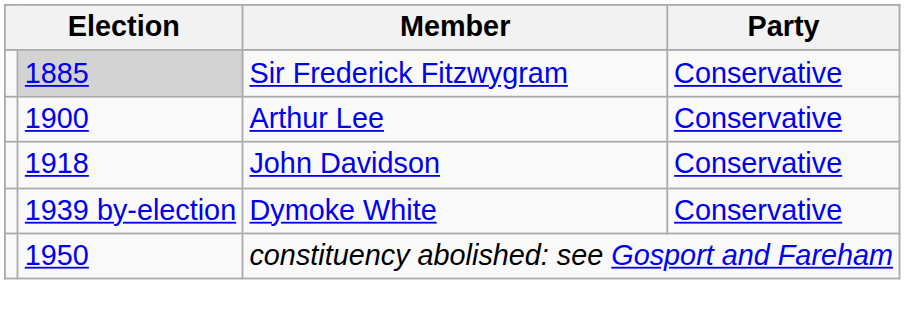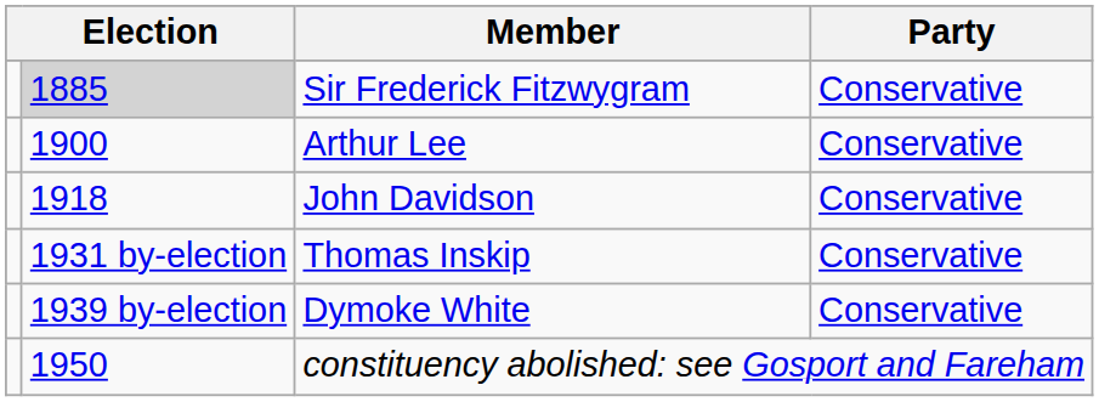 <table class="wikitable">
 <tr>
 <th colspan="2">Election</th>
 <th>Member</th>
 <th>Party</th>
 </tr>
 <tr>
 <td style="color:inherit;background-color: "></td>
 <td style="background: lightgrey;"><a href='#'>1885</a></td>
 <td><a href='#'>Sir Frederick Fitzwygram</a></td>
 <td><a href='#'>Conservative</a></td>
 </tr>
 <tr>
 <td style="color:inherit;background-color: "></td>
 <td><a href='#'>1900</a></td>
 <td><a href='#'>Arthur Lee</a></td>
 <td><a href='#'>Conservative</a></td>
 </tr>
 <tr>
 <td style="color:inherit;background-color: "></td>
 <td><a href='#'>1918</a></td>
 <td><a href='#'>John Davidson</a></td>
 <td><a href='#'>Conservative</a></td>
 </tr>
 <tr>
 <td style="color:inherit;background-color: "></td>
+<td><a href='#'>1931 by-election</a></td>
+<td><a href='#'>Thomas Inskip</a></td>
+<td><a href='#'>Conservative</a></td>
+</tr>
+<tr>
+<td style="color:inherit;background-color: "></td>
 <td><a href='#'>1939 by-election</a></td>
 <td><a href='#'>Dymoke White</a></td>
 <td><a href='#'>Conservative</a></td>
 </tr>
 <tr>
 <td></td>
 <td><a href='#'>1950</a></td>
 <td colspan="2"><em>constituency abolished: see <a href='#'>Gosport and Fareham</a></em></td>
 </tr>
 </table>
